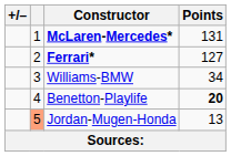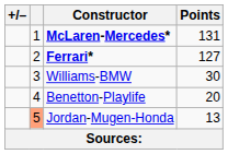 <table class="wikitable" style="font-size: 85%;">
 <tr>
 <th scope="col">+/–</th>
 <th scope="col"></th>
 <th scope="col">Constructor</th>
 <th scope="col">Points</th>
 </tr>
 <tr>
 <td align="left"></td>
 <td align="center">1</td>
 <td> <strong><a href='#'>McLaren</a>-<a href='#'>Mercedes</a>*</strong></td>
 <td align="right">131</td>
 </tr>
 <tr>
 <td align="left"></td>
 <td align="center">2</td>
 <td> <strong><a href='#'>Ferrari</a>*</strong></td>
 <td align="right">127</td>
 </tr>
 <tr>
 <td align="left"></td>
 <td align="center">3</td>
 <td> <a href='#'>Williams</a>-<a href='#'>BMW</a></td>
-<td align="right">34</td>
+<td align="right">30</td>
 </tr>
 <tr>
 <td align="left"></td>
 <td align="center">4</td>
 <td> <a href='#'>Benetton</a>-<a href='#'>Playlife</a></td>
-<td align="right"><strong>20</strong></td>
+<td align="right">20</td>
 </tr>
 <tr>
 <td align="left"></td>
 <td align="center" style="background: lightsalmon;">5</td>
 <td> <a href='#'>Jordan</a>-<a href='#'>Mugen-Honda</a></td>
 <td align="right">13</td>
 </tr>
 <tr>
 <th colspan=4>Sources:</th>
 </tr>
 </table>
